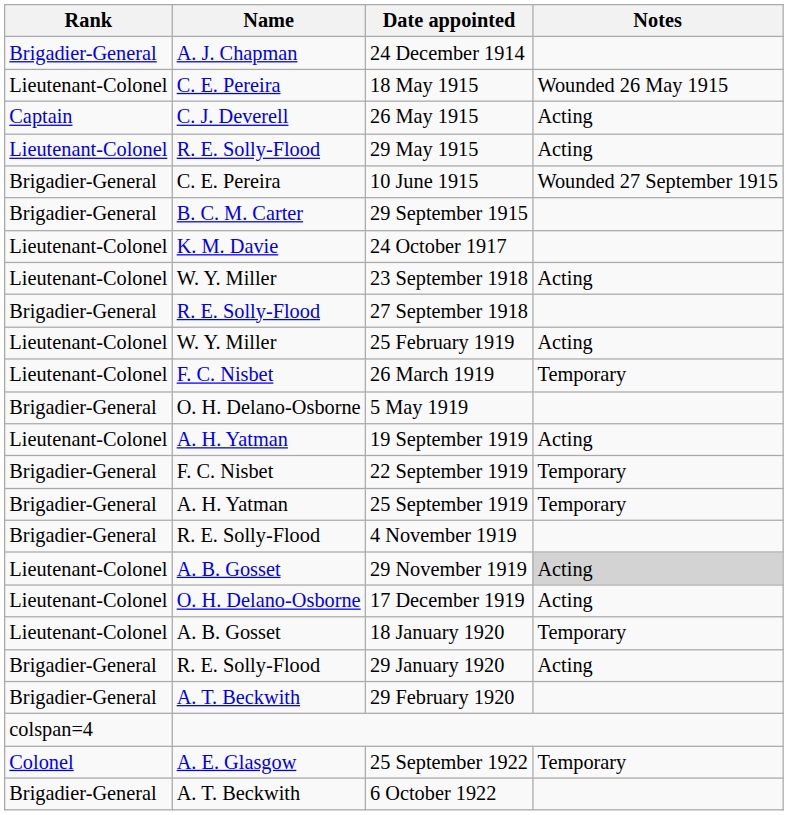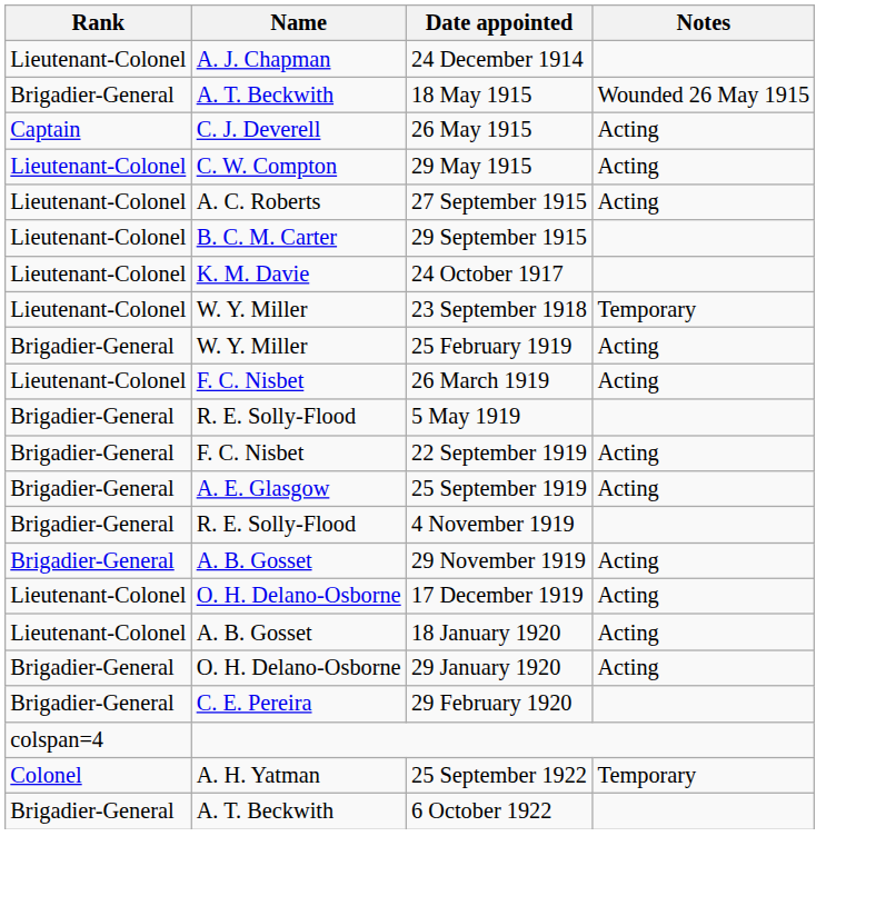 <table class="wikitable"width=>
 <tr>
 <th style=>Rank</th>
 <th style=>Name</th>
 <th style=>Date appointed</th>
 <th style=>Notes</th>
 </tr>
 <tr>
-<td><a href='#'>Brigadier-General</a></td>
+<td>Lieutenant-Colonel</td>
 <td><a href='#'>A. J. Chapman</a></td>
 <td>24 December 1914</td>
 <td></td>
 </tr>
 <tr>
-<td>Lieutenant-Colonel</td>
-<td><a href='#'>C. E. Pereira</a></td>
+<td>Brigadier-General</td>
+<td><a href='#'>A. T. Beckwith</a></td>
 <td>18 May 1915</td>
 <td>Wounded 26 May 1915</td>
 </tr>
 <tr>
 <td><a href='#'>Captain</a></td>
 <td><a href='#'>C. J. Deverell</a></td>
 <td>26 May 1915</td>
 <td>Acting</td>
 </tr>
 <tr>
 <td><a href='#'>Lieutenant-Colonel</a></td>
-<td><a href='#'>R. E. Solly-Flood</a></td>
+<td><a href='#'>C. W. Compton</a></td>
 <td>29 May 1915</td>
 <td>Acting</td>
 </tr>
 <tr>
-<td>Brigadier-General</td>
-<td>C. E. Pereira</td>
-<td>10 June 1915</td>
-<td>Wounded 27 September 1915</td>
+<td>Lieutenant-Colonel</td>
+<td>A. C. Roberts</td>
+<td>27 September 1915</td>
+<td>Acting</td>
 </tr>
 <tr>
-<td>Brigadier-General</td>
+<td>Lieutenant-Colonel</td>
 <td><a href='#'>B. C. M. Carter</a></td>
 <td>29 September 1915</td>
 <td></td>
 </tr>
 <tr>
 <td>Lieutenant-Colonel</td>
 <td><a href='#'>K. M. Davie</a></td>
 <td>24 October 1917</td>
 <td></td>
 </tr>
 <tr>
 <td>Lieutenant-Colonel</td>
 <td>W. Y. Miller</td>
 <td>23 September 1918</td>
-<td>Acting</td>
+<td>Temporary</td>
 </tr>
 <tr>
 <td>Brigadier-General</td>
-<td><a href='#'>R. E. Solly-Flood</a></td>
-<td>27 September 1918</td>
-<td></td>
-</tr>
-<tr>
-<td>Lieutenant-Colonel</td>
 <td>W. Y. Miller</td>
 <td>25 February 1919</td>
 <td>Acting</td>
 </tr>
 <tr>
 <td>Lieutenant-Colonel</td>
 <td><a href='#'>F. C. Nisbet</a></td>
 <td>26 March 1919</td>
-<td>Temporary</td>
+<td>Acting</td>
 </tr>
 <tr>
 <td>Brigadier-General</td>
-<td>O. H. Delano-Osborne</td>
+<td>R. E. Solly-Flood</td>
 <td>5 May 1919</td>
 <td></td>
-</tr>
-<tr>
-<td>Lieutenant-Colonel</td>
-<td><a href='#'>A. H. Yatman</a></td>
-<td>19 September 1919</td>
-<td>Acting</td>
 </tr>
 <tr>
 <td>Brigadier-General</td>
 <td>F. C. Nisbet</td>
 <td>22 September 1919</td>
-<td>Temporary</td>
+<td>Acting</td>
 </tr>
 <tr>
 <td>Brigadier-General</td>
-<td>A. H. Yatman</td>
+<td><a href='#'>A. E. Glasgow</a></td>
 <td>25 September 1919</td>
-<td>Temporary</td>
+<td>Acting</td>
 </tr>
 <tr>
 <td>Brigadier-General</td>
 <td>R. E. Solly-Flood</td>
 <td>4 November 1919</td>
 <td></td>
 </tr>
 <tr>
-<td>Lieutenant-Colonel</td>
+<td><a href='#'>Brigadier-General</a></td>
 <td><a href='#'>A. B. Gosset</a></td>
 <td>29 November 1919</td>
-<td style="background: lightgrey;">Acting</td>
+<td>Acting</td>
 </tr>
 <tr>
 <td>Lieutenant-Colonel</td>
 <td><a href='#'>O. H. Delano-Osborne</a></td>
 <td>17 December 1919</td>
 <td>Acting</td>
 </tr>
 <tr>
 <td>Lieutenant-Colonel</td>
 <td>A. B. Gosset</td>
 <td>18 January 1920</td>
-<td>Temporary</td>
+<td>Acting</td>
 </tr>
 <tr>
 <td>Brigadier-General</td>
-<td>R. E. Solly-Flood</td>
+<td>O. H. Delano-Osborne</td>
 <td>29 January 1920</td>
 <td>Acting</td>
 </tr>
 <tr>
 <td>Brigadier-General</td>
-<td><a href='#'>A. T. Beckwith</a></td>
+<td><a href='#'>C. E. Pereira</a></td>
 <td>29 February 1920</td>
 <td></td>
 </tr>
 <tr>
 <td>colspan=4 </td>
 </tr>
 <tr>
 <td><a href='#'>Colonel</a></td>
-<td><a href='#'>A. E. Glasgow</a></td>
+<td>A. H. Yatman</td>
 <td>25 September 1922</td>
 <td>Temporary</td>
 </tr>
 <tr>
 <td>Brigadier-General</td>
 <td>A. T. Beckwith</td>
 <td>6 October 1922</td>
 <td></td>
 </tr>
 </table>
